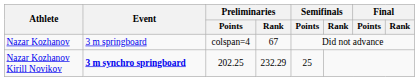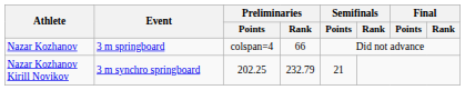 <table class="wikitable" style="text-align:center; font-size:90%; width:50%;">
 <tr>
 <th rowspan=2>Athlete</th>
 <th rowspan=2>Event</th>
 <th colspan=2>Preliminaries</th>
 <th colspan=2>Semifinals</th>
 <th colspan=2>Final</th>
 </tr>
 <tr style="font-size:95%">
 <th>Points</th>
 <th>Rank</th>
 <th>Points</th>
 <th>Rank</th>
 <th>Points</th>
 <th>Rank</th>
 </tr>
 <tr>
 <td align=left><a href='#'>Nazar Kozhanov</a></td>
 <td align=left><a href='#'>3 m springboard</a></td>
 <td>colspan=4 </td>
-<td>67</td>
+<td>66</td>
 <td colspan=4>Did not advance</td>
 </tr>
 <tr>
 <td align=left><a href='#'>Nazar Kozhanov</a><br><a href='#'>Kirill Novikov</a></td>
-<td align=left><strong><a href='#'>3 m synchro springboard</a></strong></td>
+<td align=left><a href='#'>3 m synchro springboard</a></td>
 <td>202.25</td>
-<td>232.29</td>
-<td>25</td>
+<td>232.79</td>
+<td>21</td>
 </tr>
 </table>
